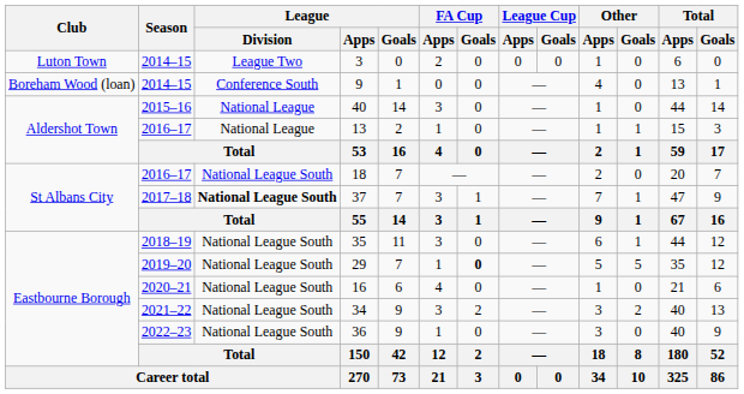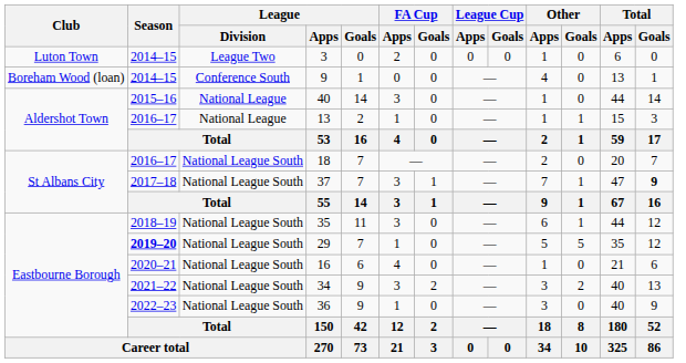 <table class=wikitable style=text-align:center>
 <tr>
 <th rowspan=2>Club</th>
 <th rowspan=2>Season</th>
 <th colspan=3>League</th>
 <th colspan=2><a href='#'>FA Cup</a></th>
 <th colspan=2><a href='#'>League Cup</a></th>
 <th colspan=2>Other</th>
 <th colspan=2>Total</th>
 </tr>
 <tr>
 <th>Division</th>
 <th>Apps</th>
 <th>Goals</th>
 <th>Apps</th>
 <th>Goals</th>
 <th>Apps</th>
 <th>Goals</th>
 <th>Apps</th>
 <th>Goals</th>
 <th>Apps</th>
 <th>Goals</th>
 </tr>
 <tr>
 <td><a href='#'>Luton Town</a></td>
 <td><a href='#'>2014–15</a></td>
 <td><a href='#'>League Two</a></td>
 <td>3</td>
 <td>0</td>
 <td>2</td>
 <td>0</td>
 <td>0</td>
 <td>0</td>
 <td>1</td>
 <td>0</td>
 <td>6</td>
 <td>0</td>
 </tr>
 <tr>
 <td><a href='#'>Boreham Wood</a> (loan)</td>
 <td><a href='#'>2014–15</a></td>
 <td><a href='#'>Conference South</a></td>
 <td>9</td>
 <td>1</td>
 <td>0</td>
 <td>0</td>
 <td colspan=2>—</td>
 <td>4</td>
 <td>0</td>
 <td>13</td>
 <td>1</td>
 </tr>
 <tr>
 <td rowspan=3><a href='#'>Aldershot Town</a></td>
 <td><a href='#'>2015–16</a></td>
 <td><a href='#'>National League</a></td>
 <td>40</td>
 <td>14</td>
 <td>3</td>
 <td>0</td>
 <td colspan=2>—</td>
 <td>1</td>
 <td>0</td>
 <td>44</td>
 <td>14</td>
 </tr>
 <tr>
 <td><a href='#'>2016–17</a></td>
 <td>National League</td>
 <td>13</td>
 <td>2</td>
 <td>1</td>
 <td>0</td>
 <td colspan=2>—</td>
 <td>1</td>
 <td>1</td>
 <td>15</td>
 <td>3</td>
 </tr>
 <tr>
 <th colspan=2>Total</th>
 <th>53</th>
 <th>16</th>
 <th>4</th>
 <th>0</th>
 <th colspan=2>—</th>
 <th>2</th>
 <th>1</th>
 <th>59</th>
 <th>17</th>
 </tr>
 <tr>
 <td rowspan=3><a href='#'>St Albans City</a></td>
 <td><a href='#'>2016–17</a></td>
 <td><a href='#'>National League South</a></td>
 <td>18</td>
 <td>7</td>
 <td colspan=2>—</td>
 <td colspan=2>—</td>
 <td>2</td>
 <td>0</td>
 <td>20</td>
 <td>7</td>
 </tr>
 <tr>
 <td><a href='#'>2017–18</a></td>
-<td><strong>National League South</strong></td>
+<td>National League South</td>
 <td>37</td>
 <td>7</td>
 <td>3</td>
 <td>1</td>
 <td colspan=2>—</td>
 <td>7</td>
 <td>1</td>
 <td>47</td>
-<td>9</td>
+<td><strong>9</strong></td>
 </tr>
 <tr>
 <th colspan=2>Total</th>
 <th>55</th>
 <th>14</th>
 <th>3</th>
 <th>1</th>
 <th colspan=2>—</th>
 <th>9</th>
 <th>1</th>
 <th>67</th>
 <th>16</th>
 </tr>
 <tr>
 <td rowspan=6><a href='#'>Eastbourne Borough</a></td>
 <td><a href='#'>2018–19</a></td>
 <td>National League South</td>
 <td>35</td>
 <td>11</td>
 <td>3</td>
 <td>0</td>
 <td colspan=2>—</td>
 <td>6</td>
 <td>1</td>
 <td>44</td>
 <td>12</td>
 </tr>
 <tr>
-<td><a href='#'>2019–20</a></td>
+<td><strong><a href='#'>2019–20</a></strong></td>
 <td>National League South</td>
 <td>29</td>
 <td>7</td>
 <td>1</td>
-<td><strong>0</strong></td>
+<td>0</td>
 <td colspan=2>—</td>
 <td>5</td>
 <td>5</td>
 <td>35</td>
 <td>12</td>
 </tr>
 <tr>
 <td><a href='#'>2020–21</a></td>
 <td>National League South</td>
 <td>16</td>
 <td>6</td>
 <td>4</td>
 <td>0</td>
 <td colspan=2>—</td>
 <td>1</td>
 <td>0</td>
 <td>21</td>
 <td>6</td>
 </tr>
 <tr>
 <td><a href='#'>2021–22</a></td>
 <td>National League South</td>
 <td>34</td>
 <td>9</td>
 <td>3</td>
 <td>2</td>
 <td colspan=2>—</td>
 <td>3</td>
 <td>2</td>
 <td>40</td>
 <td>13</td>
 </tr>
 <tr>
 <td><a href='#'>2022–23</a></td>
 <td>National League South</td>
 <td>36</td>
 <td>9</td>
 <td>1</td>
 <td>0</td>
 <td colspan=2>—</td>
 <td>3</td>
 <td>0</td>
 <td>40</td>
 <td>9</td>
 </tr>
 <tr>
 <th colspan=2>Total</th>
 <th>150</th>
 <th>42</th>
 <th>12</th>
 <th>2</th>
 <th colspan=2>—</th>
 <th>18</th>
 <th>8</th>
 <th>180</th>
 <th>52</th>
 </tr>
 <tr>
 <th colspan=3>Career total</th>
 <th>270</th>
 <th>73</th>
 <th>21</th>
 <th>3</th>
 <th>0</th>
 <th>0</th>
 <th>34</th>
 <th>10</th>
 <th>325</th>
 <th>86</th>
 </tr>
 </table>
